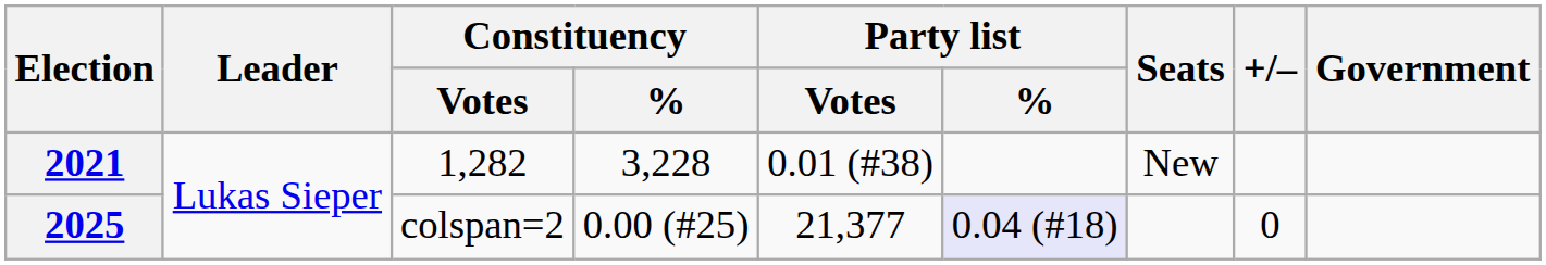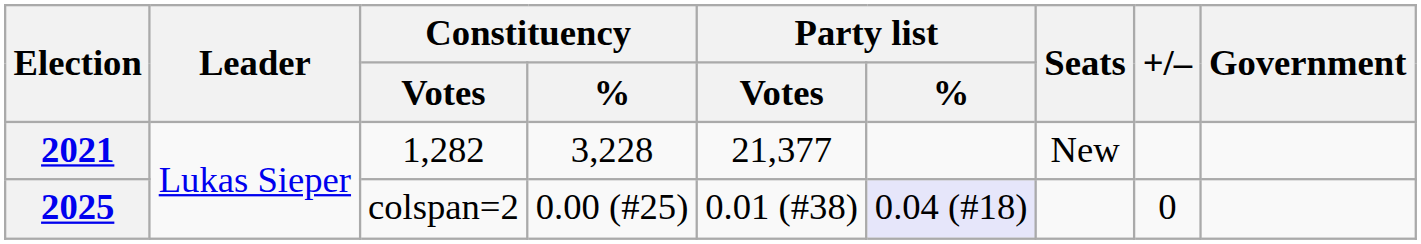 <table class="wikitable unsortable" style="text-align:center;">
 <tr>
 <th rowspan="2">Election</th>
 <th rowspan="2">Leader</th>
 <th colspan="2">Constituency</th>
 <th colspan="2">Party list</th>
 <th rowspan="2">Seats</th>
 <th rowspan="2">+/–</th>
 <th rowspan="2">Government</th>
 </tr>
 <tr>
 <th>Votes</th>
 <th>%</th>
 <th>Votes</th>
 <th>%</th>
 </tr>
 <tr>
 <th><a href='#'>2021</a></th>
 <td rowspan=2><a href='#'>Lukas Sieper</a></td>
 <td>1,282</td>
 <td>3,228</td>
-<td>0.01 (#38)</td>
+<td>21,377</td>
 <td></td>
 <td>New</td>
 <td></td>
 </tr>
 <tr>
 <th><a href='#'>2025</a></th>
 <td>colspan=2 </td>
 <td>0.00 (#25)</td>
-<td>21,377</td>
+<td>0.01 (#38)</td>
 <td style="background: lavender;">0.04 (#18)</td>
 <td></td>
 <td> 0</td>
 <td></td>
 </tr>
 </table>
